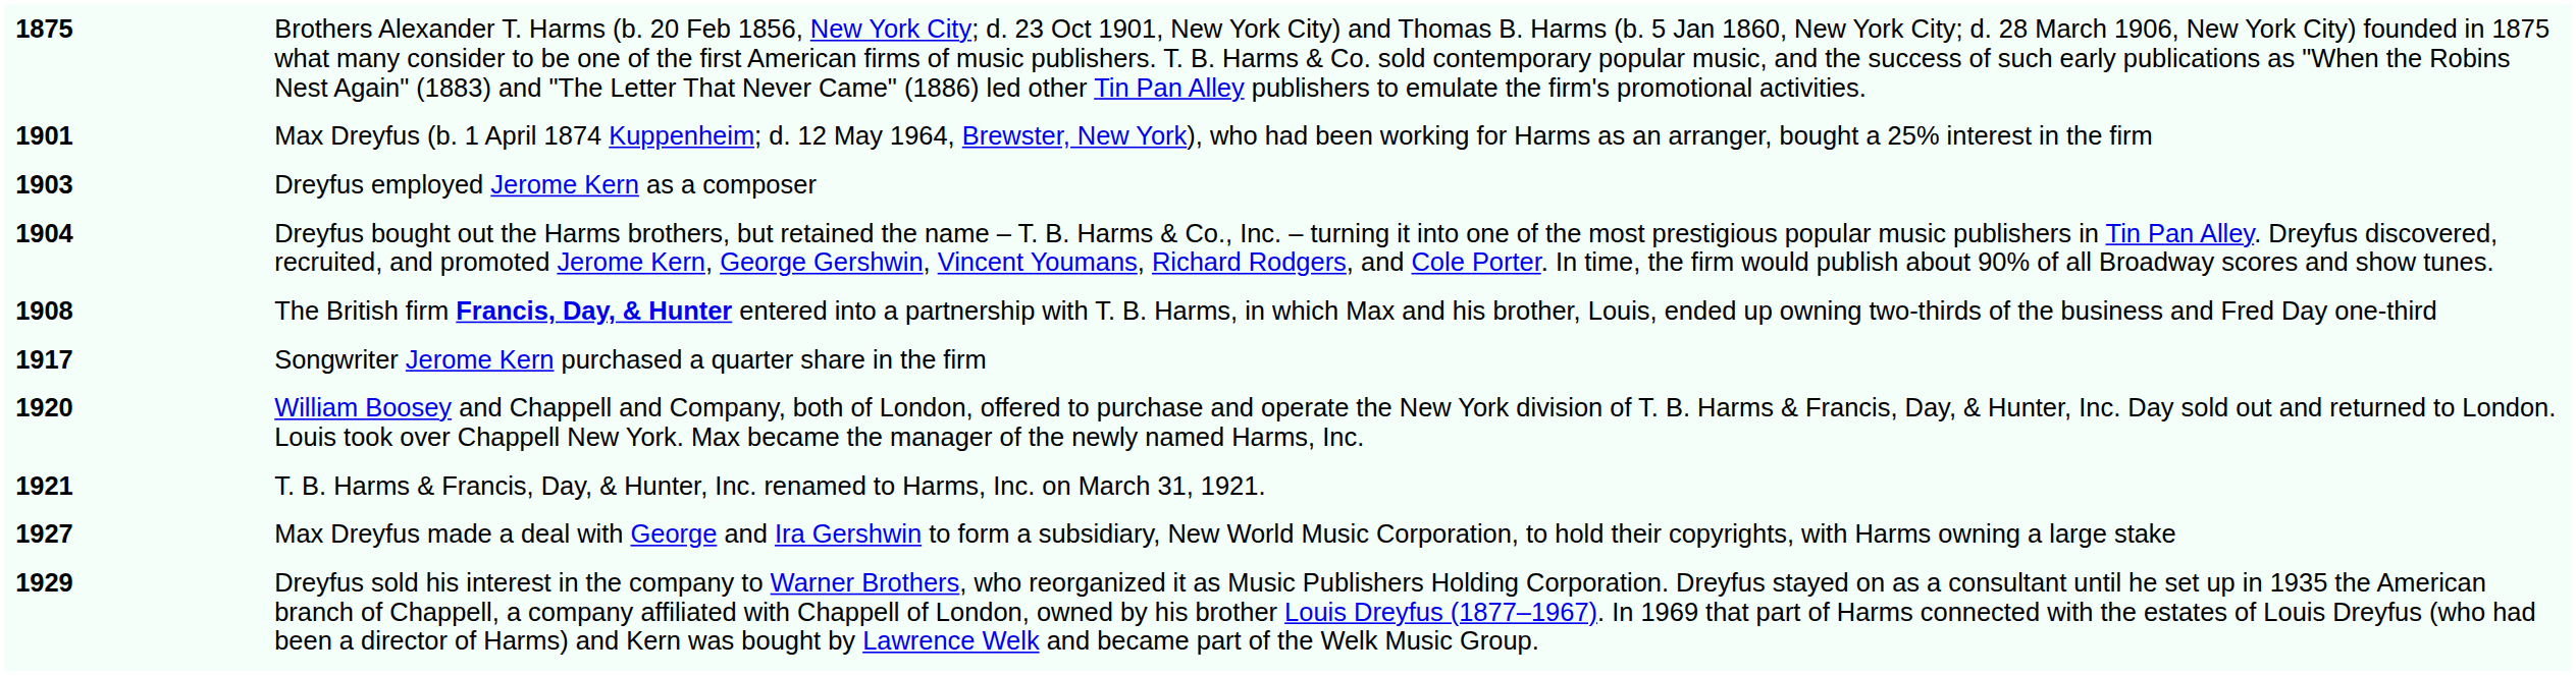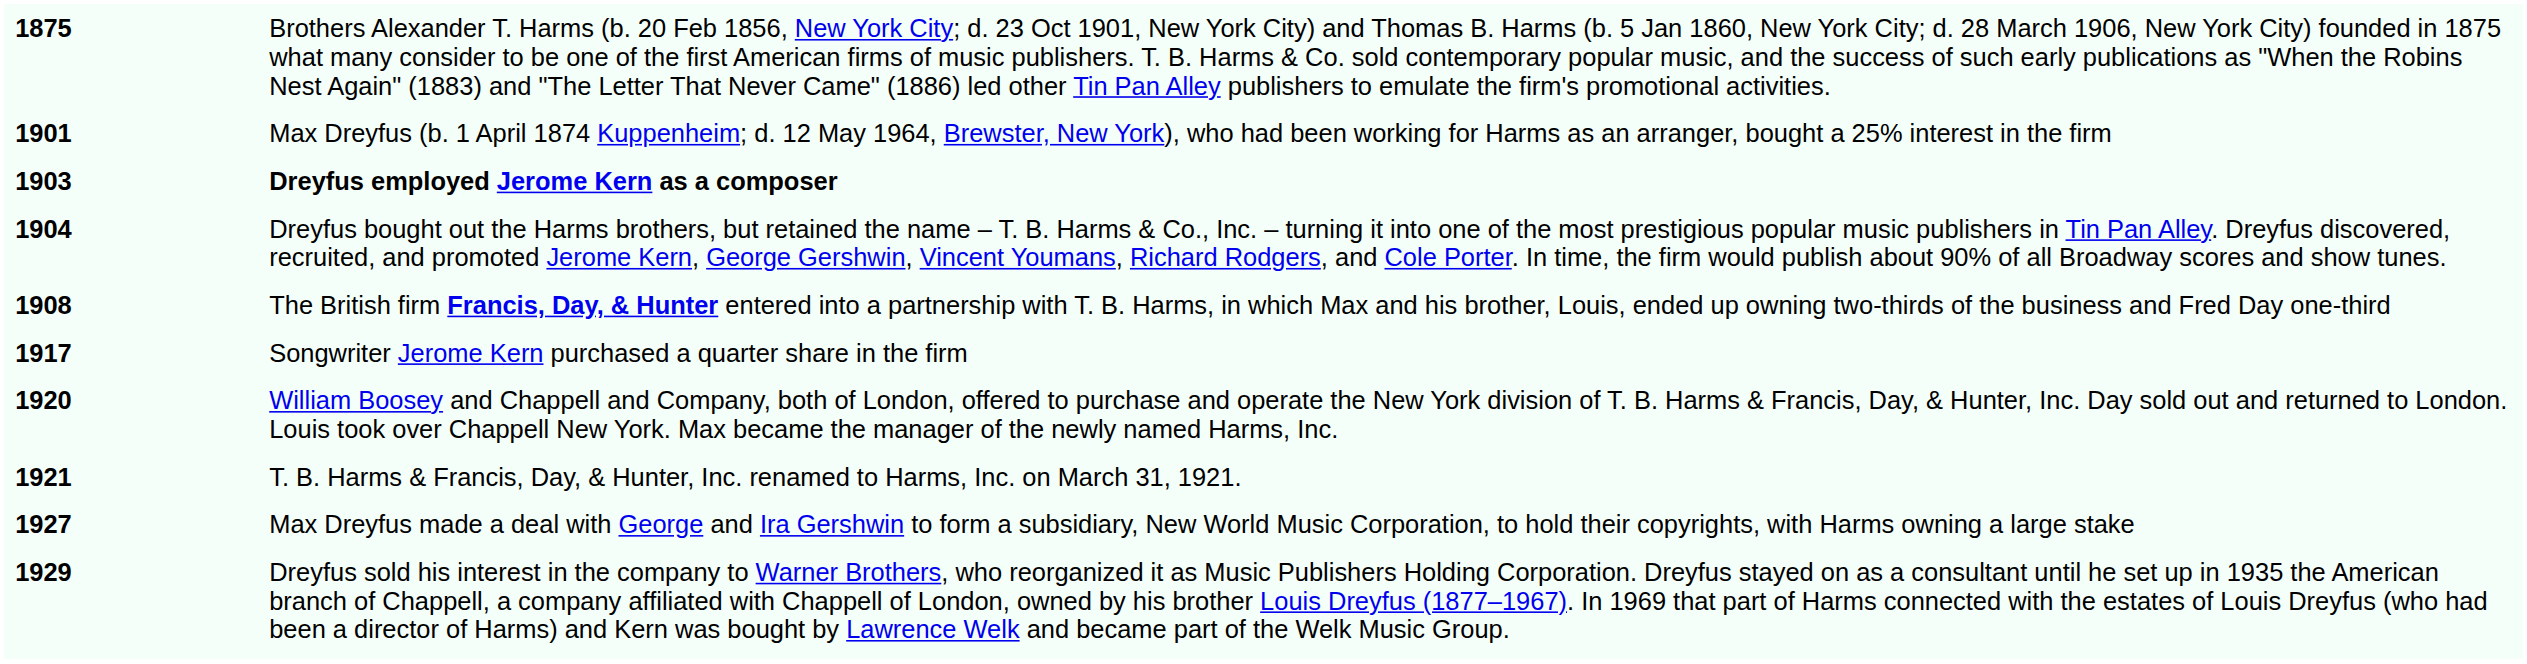 <table border="0" cellpadding="5" style="color: black; background-color: #f5fffa;">
 <tr valign="top">
 <td width="10%"><strong>1875</strong></td>
 <td width="90%">Brothers Alexander T. Harms (b. 20 Feb 1856, <a href='#'>New York City</a>; d. 23 Oct 1901, New York City) and Thomas B. Harms (b. 5 Jan 1860, New York City; d. 28 March 1906, New York City) founded in 1875 what many consider to be one of the first American firms of music publishers.  T. B. Harms & Co. sold contemporary popular music, and the success of such early publications as "When the Robins Nest Again" (1883) and "The Letter That Never Came" (1886) led other <a href='#'>Tin Pan Alley</a> publishers to emulate the firm's promotional activities.</td>
 </tr>
 <tr valign="top">
 <td><strong>1901</strong></td>
 <td>Max Dreyfus (b. 1 April 1874 <a href='#'>Kuppenheim</a>; d. 12 May 1964, <a href='#'>Brewster, New York</a>), who had been working for Harms as an arranger, bought a 25% interest in the firm</td>
 </tr>
 <tr valign="top">
 <td><strong>1903</strong></td>
-<td>Dreyfus employed <a href='#'>Jerome Kern</a> as a composer</td>
+<td><strong>Dreyfus employed <a href='#'>Jerome Kern</a> as a composer</strong></td>
 </tr>
 <tr valign="top">
 <td><strong>1904</strong></td>
 <td>Dreyfus bought out the Harms brothers, but retained the name – T. B. Harms & Co., Inc. – turning it into one of the most prestigious popular music publishers in <a href='#'>Tin Pan Alley</a>.  Dreyfus discovered, recruited, and promoted <a href='#'>Jerome Kern</a>, <a href='#'>George Gershwin</a>, <a href='#'>Vincent Youmans</a>, <a href='#'>Richard Rodgers</a>, and <a href='#'>Cole Porter</a>.  In time, the firm would publish about 90% of all Broadway scores and show tunes.</td>
 </tr>
 <tr valign="top">
 <td><strong>1908</strong></td>
 <td>The British firm <strong><a href='#'>Francis, Day, & Hunter</a></strong> entered into a partnership with T. B. Harms, in which Max and his brother, Louis, ended up owning two-thirds of the business and Fred Day one-third</td>
 </tr>
 <tr valign="top">
 <td><strong>1917</strong></td>
 <td>Songwriter <a href='#'>Jerome Kern</a> purchased a quarter share in the firm</td>
 </tr>
 <tr valign="top">
 <td><strong>1920</strong></td>
 <td><a href='#'>William Boosey</a> and Chappell and Company, both of London, offered to purchase and operate the New York division of T. B. Harms & Francis, Day, & Hunter, Inc.  Day sold out and returned to London.  Louis took over Chappell New York.  Max became the manager of the newly named Harms, Inc.</td>
 </tr>
 <tr valign="top">
 <td><strong>1921</strong></td>
 <td>T. B. Harms & Francis, Day, & Hunter, Inc. renamed to Harms, Inc. on March 31, 1921.</td>
 </tr>
 <tr valign="top">
 <td><strong>1927</strong></td>
 <td>Max Dreyfus made a deal with <a href='#'>George</a> and <a href='#'>Ira Gershwin</a> to form a subsidiary, New World Music Corporation, to hold their copyrights, with Harms owning a large stake</td>
 </tr>
 <tr valign="top">
 <td><strong>1929</strong></td>
 <td>Dreyfus sold his interest in the company to <a href='#'>Warner Brothers</a>, who reorganized it as Music Publishers Holding Corporation.  Dreyfus stayed on as a consultant until he set up in 1935 the American branch of Chappell, a company affiliated with Chappell of London, owned by his brother <a href='#'>Louis Dreyfus (1877–1967)</a>. In 1969 that part of Harms connected with the estates of Louis Dreyfus (who had been a director of Harms) and Kern was bought by <a href='#'>Lawrence Welk</a> and became part of the Welk Music Group.</td>
 </tr>
 <tr valign="top">
 </tr>
 </table>
